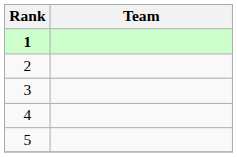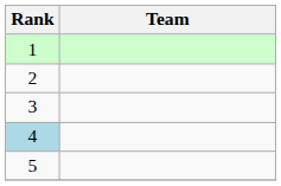 <table class="wikitable" style="text-align: center;">
 <tr>
 <th width=40>Rank</th>
 <th width=180>Team</th>
 </tr>
 <tr bgcolor=#ccffcc>
-<td><strong>1</strong></td>
+<td>1</td>
 <td align="left"></td>
 </tr>
 <tr>
 <td>2</td>
 <td align="left"></td>
 </tr>
 <tr>
 <td>3</td>
 <td align="left"></td>
 </tr>
 <tr>
-<td>4</td>
+<td style="background: lightblue;">4</td>
 <td align="left"></td>
 </tr>
 <tr>
 <td>5</td>
 <td align="left"></td>
 </tr>
 <tr>
 </tr>
 </table>
